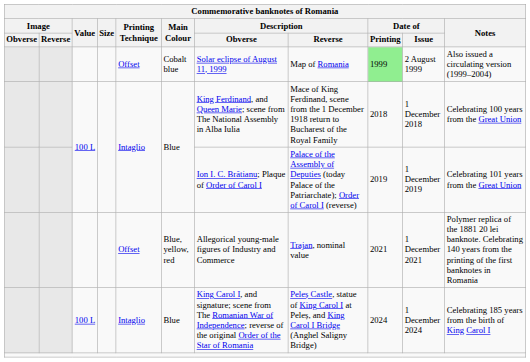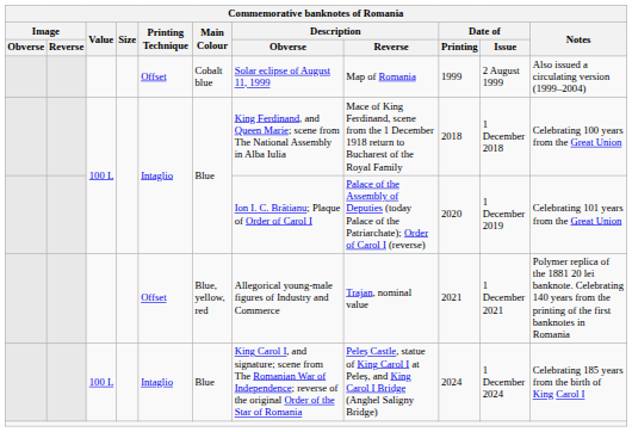 <table class="wikitable" style="font-size: 90%">
 <tr>
 <th colspan=11>Commemorative banknotes of Romania</th>
 </tr>
 <tr>
 <th colspan=2>Image</th>
 <th rowspan=2>Value</th>
 <th rowspan=2>Size</th>
 <th rowspan=2>Printing Technique</th>
 <th rowspan=2>Main Colour</th>
 <th colspan=2>Description</th>
 <th colspan=2>Date of</th>
 <th rowspan=2>Notes</th>
 </tr>
 <tr>
 <th>Obverse</th>
 <th>Reverse</th>
 <th>Obverse</th>
 <th>Reverse</th>
 <th>Printing</th>
 <th>Issue</th>
 </tr>
 <tr>
 <td align="right" bgcolor="#E8E8E8"></td>
 <td align="left" bgcolor="#E8E8E8"></td>
 <td align=right></td>
 <td></td>
 <td><a href='#'>Offset</a></td>
 <td>Cobalt blue</td>
 <td><a href='#'>Solar eclipse of August 11, 1999</a></td>
 <td>Map of <a href='#'>Romania</a></td>
-<td style="background: lightgreen;">1999</td>
+<td>1999</td>
 <td>2 August 1999</td>
 <td>Also issued a circulating version (1999–2004)</td>
 </tr>
 <tr>
 <td align=right bgcolor="#E8E8E8"></td>
 <td align=left bgcolor="#E8E8E8"></td>
 <td align=right rowspan=2><a href='#'>100 L</a></td>
 <td rowspan=2></td>
 <td rowspan=2><a href='#'>Intaglio</a></td>
 <td rowspan=2>Blue</td>
 <td><a href='#'>King Ferdinand</a>, and <a href='#'>Queen Marie</a>; scene from The National Assembly in Alba Iulia</td>
 <td>Mace of King Ferdinand, scene from the 1 December 1918 return to Bucharest of the Royal Family</td>
 <td>2018</td>
 <td>1 December 2018</td>
 <td>Celebrating 100 years from the <a href='#'>Great Union</a></td>
 </tr>
 <tr>
 <td align=right bgcolor="#E8E8E8"></td>
 <td align=left bgcolor="#E8E8E8"></td>
 <td><a href='#'>Ion I. C. Brătianu</a>; Plaque of <a href='#'>Order of Carol I</a></td>
 <td><a href='#'>Palace of the Assembly of Deputies</a> (today Palace of the Patriarchate); <a href='#'>Order of Carol I</a> (reverse)</td>
-<td>2019</td>
+<td>2020</td>
 <td>1 December 2019</td>
 <td>Celebrating 101 years from the <a href='#'>Great Union</a></td>
 </tr>
 <tr>
 <td align=right bgcolor="#E8E8E8"></td>
 <td align=left bgcolor="#E8E8E8"></td>
 <td align=right></td>
 <td></td>
 <td><a href='#'>Offset</a></td>
 <td>Blue, yellow, red</td>
 <td>Allegorical young-male figures of Industry and Commerce</td>
 <td><a href='#'>Trajan</a>, nominal value</td>
 <td>2021</td>
 <td>1 December 2021</td>
 <td>Polymer replica of the 1881 20 lei banknote. Celebrating 140 years from the printing of the first banknotes in Romania</td>
 </tr>
 <tr>
 <td align=right bgcolor="#E8E8E8"></td>
 <td align=left bgcolor="#E8E8E8"></td>
 <td align=right><a href='#'>100 L</a></td>
 <td></td>
 <td><a href='#'>Intaglio</a></td>
 <td>Blue</td>
 <td><a href='#'>King Carol I</a>, and signature; scene from The <a href='#'>Romanian War of Independence</a>; reverse of the original <a href='#'>Order of the Star of Romania</a></td>
 <td><a href='#'>Peleș Castle</a>, statue of <a href='#'>King Carol I</a> at Peleș, and <a href='#'>King Carol I Bridge</a> (Anghel Saligny Bridge)</td>
 <td>2024</td>
 <td>1 December 2024</td>
 <td>Celebrating 185 years from the birth of <a href='#'>King</a> <a href='#'>Carol I</a></td>
 </tr>
 <tr>
 <td colspan="11"></td>
 </tr>
 </table>
